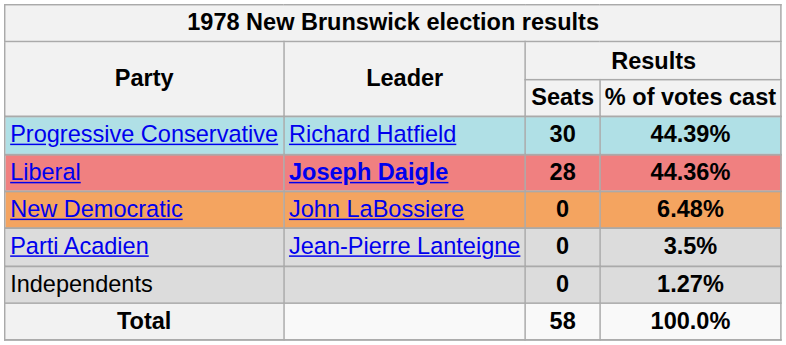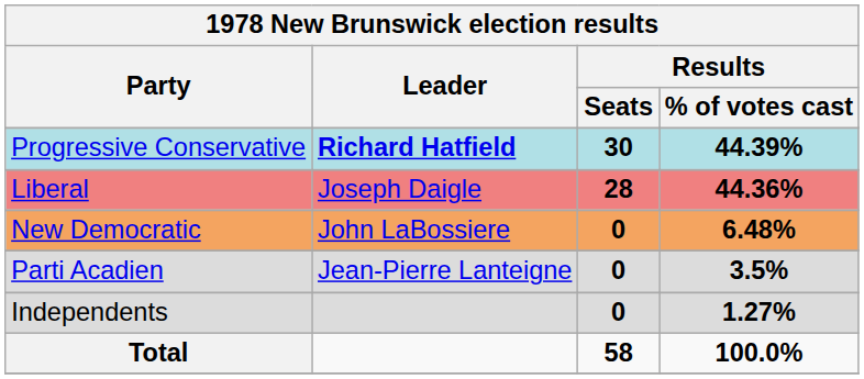 <table class="wikitable">
 <tr>
 <th colspan="5">1978 New Brunswick election results</th>
 </tr>
 <tr>
 <th rowspan="2">Party</th>
 <th rowspan="2">Leader</th>
 <th colspan="2">Results</th>
 </tr>
 <tr bgcolor="darkgray">
 <th>Seats</th>
 <th>% of votes cast</th>
 </tr>
 <tr>
 </tr>
 <tr bgcolor="powderblue">
 <td><a href='#'>Progressive Conservative</a></td>
-<td><a href='#'>Richard Hatfield</a></td>
+<td><strong><a href='#'>Richard Hatfield</a></strong></td>
 <td align=center><strong>30</strong></td>
 <td align=center><strong>44.39%</strong></td>
 </tr>
 <tr>
 </tr>
 <tr bgcolor="lightcoral">
 <td><a href='#'>Liberal</a></td>
-<td><strong><a href='#'>Joseph Daigle</a></strong></td>
+<td><a href='#'>Joseph Daigle</a></td>
 <td align=center><strong>28</strong></td>
 <td align=center><strong>44.36%</strong></td>
 </tr>
 <tr>
 </tr>
 <tr bgcolor="sandybrown">
 <td><a href='#'>New Democratic</a></td>
 <td><a href='#'>John LaBossiere</a></td>
 <td align=center><strong>0</strong></td>
 <td align=center><strong>6.48%</strong></td>
 </tr>
 <tr>
 </tr>
 <tr bgcolor="gainsboro">
 <td><a href='#'>Parti Acadien</a></td>
 <td><a href='#'>Jean-Pierre Lanteigne</a></td>
 <td align=center><strong>0</strong></td>
 <td align=center><strong>3.5%</strong></td>
 </tr>
 <tr>
 </tr>
 <tr bgcolor="gainsboro">
 <td>Independents</td>
 <td> </td>
 <td align=center><strong>0</strong></td>
 <td align=center><strong>1.27%</strong></td>
 </tr>
 <tr>
 <th>Total</th>
 <td> </td>
 <td align=center><strong>58</strong></td>
 <td align=center><strong>100.0%</strong></td>
 </tr>
 <tr>
 </tr>
 </table>
